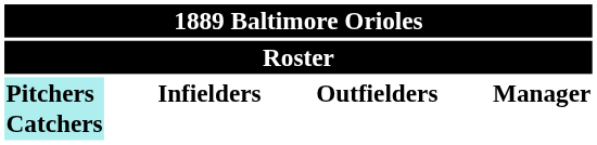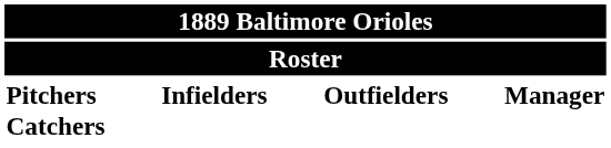 <table class="toccolours" style="font-size: 95%;">
 <tr>
 <th colspan="10" style="background-color: black; color: white; text-align: center;">1889 Baltimore Orioles</th>
 </tr>
 <tr>
 <td colspan="10" style="background-color: black; color: white; text-align: center;"><strong>Roster</strong></td>
 </tr>
 <tr>
-<td valign="top" style="background: paleturquoise;"><strong>Pitchers</strong><br>     <strong>Catchers</strong>   </td>
+<td valign="top"><strong>Pitchers</strong><br>     <strong>Catchers</strong>   </td>
 <td width="25px"></td>
 <td valign="top"><strong>Infielders</strong><br>        </td>
 <td width="25px"></td>
 <td valign="top"><strong>Outfielders</strong><br>     </td>
 <td width="25px"></td>
 <td valign="top"><strong>Manager</strong><br></td>
 </tr>
 </table>
